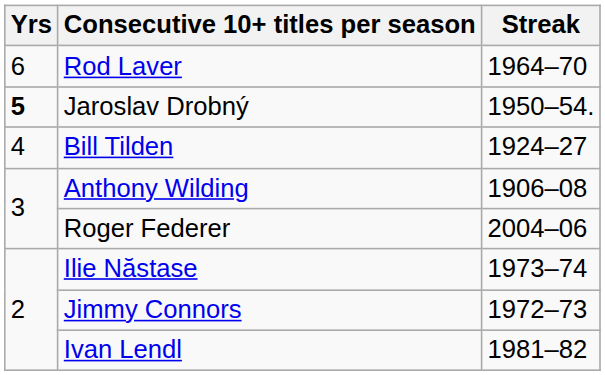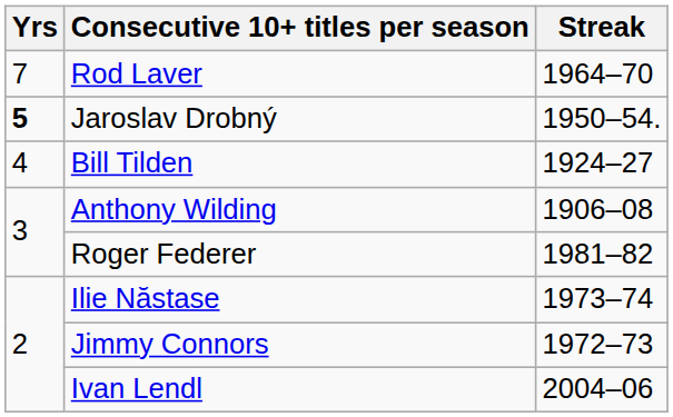 <table class=wikitable style="display:inline-table;">
 <tr>
 <th>Yrs</th>
 <th>Consecutive 10+ titles per season</th>
 <th>Streak</th>
 </tr>
 <tr>
-<td>6</td>
+<td>7</td>
 <td> <a href='#'>Rod Laver</a></td>
 <td>1964–70</td>
 </tr>
 <tr>
 <td><strong>5</strong></td>
 <td>  Jaroslav Drobný</td>
 <td>1950–54.</td>
 </tr>
 <tr>
 <td>4</td>
 <td> <a href='#'>Bill Tilden</a></td>
 <td>1924–27</td>
 </tr>
 <tr>
 <td rowspan="2">3</td>
 <td> <a href='#'>Anthony Wilding</a></td>
 <td>1906–08</td>
 </tr>
 <tr>
 <td> Roger Federer</td>
-<td>2004–06</td>
+<td>1981–82</td>
 </tr>
 <tr>
 <td rowspan="3">2</td>
 <td> <a href='#'>Ilie Năstase</a></td>
 <td>1973–74</td>
 </tr>
 <tr>
 <td> <a href='#'>Jimmy Connors</a></td>
 <td>1972–73</td>
 </tr>
 <tr>
 <td> <a href='#'>Ivan Lendl</a></td>
-<td>1981–82</td>
+<td>2004–06</td>
 </tr>
 </table>
